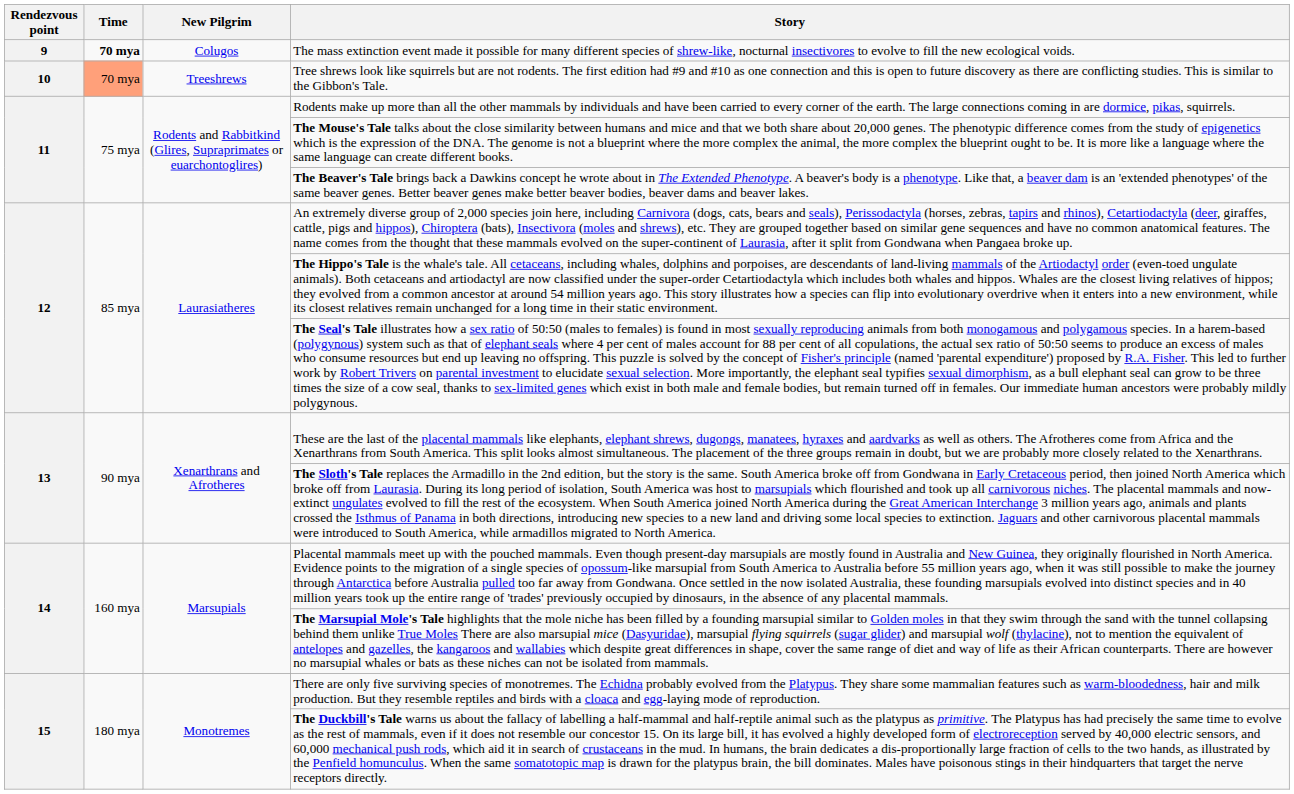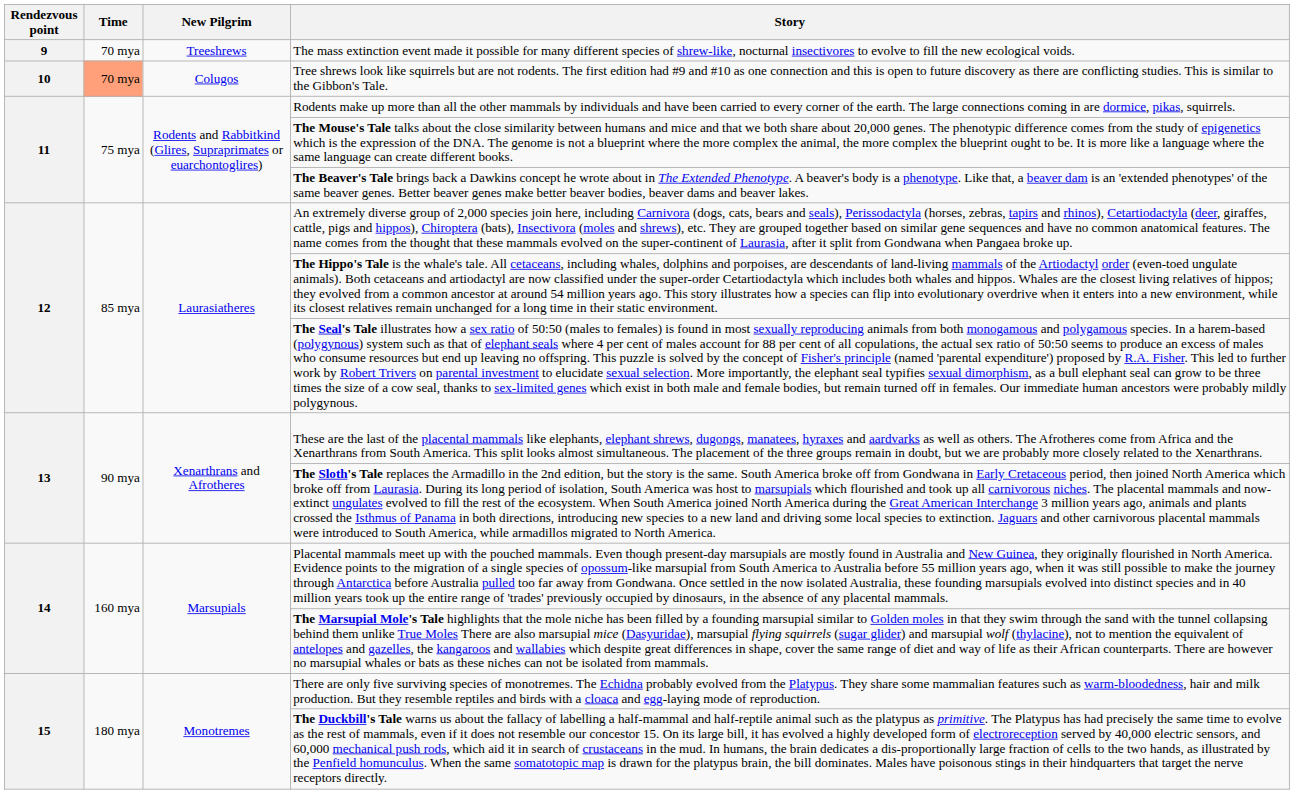 <table class="wikitable">
 <tr>
 <th>Rendezvous point</th>
 <th style="width:65px;">Time</th>
 <th>New Pilgrim</th>
 <th>Story</th>
 </tr>
 <tr>
 <th>9</th>
-<td style="text-align:right;"><strong>70 mya</strong></td>
-<td style="text-align:center;"><a href='#'>Colugos</a></td>
+<td style="text-align:right;">70 mya</td>
+<td style="text-align:center;"><a href='#'>Treeshrews</a></td>
 <td>The mass extinction event made it possible for many different species of <a href='#'>shrew-like</a>, nocturnal <a href='#'>insectivores</a> to evolve to fill the new ecological voids.</td>
 </tr>
 <tr>
 <th>10</th>
 <td style="background: lightsalmon; text-align:right;">70 mya</td>
-<td style="text-align:center;"><a href='#'>Treeshrews</a></td>
+<td style="text-align:center;"><a href='#'>Colugos</a></td>
 <td>Tree shrews look like squirrels but are not rodents. The first edition had #9 and #10 as one connection and this is open to future discovery as there are conflicting studies. This is similar to the Gibbon's Tale.</td>
 </tr>
 <tr>
 <th rowspan="3">11</th>
 <td rowspan="3" style="text-align:right;">75 mya</td>
 <td rowspan="3" style="text-align:center;"><a href='#'>Rodents</a> and <a href='#'>Rabbitkind</a> (<a href='#'>Glires</a>, <a href='#'>Supraprimates</a> or <a href='#'>euarchontoglires</a>)</td>
 <td>Rodents make up more than all the other mammals by individuals and have been carried to every corner of the earth. The large connections coming in are <a href='#'>dormice</a>, <a href='#'>pikas</a>, squirrels.</td>
 </tr>
 <tr>
 <td><strong>The Mouse's Tale</strong> talks about the close similarity between humans and mice and that we both share about 20,000 genes. The phenotypic difference comes from the study of <a href='#'>epigenetics</a> which is the expression of the DNA. The genome is not a blueprint where the more complex the animal, the more complex the blueprint ought to be. It is more like a language where the same language can create different books.</td>
 </tr>
 <tr>
 <td><strong>The Beaver's Tale</strong>  brings back a Dawkins concept he wrote about in <em><a href='#'>The Extended Phenotype</a></em>. A beaver's body is a <a href='#'>phenotype</a>. Like that, a <a href='#'>beaver dam</a> is an 'extended phenotypes' of the same beaver genes. Better beaver genes make better beaver bodies, beaver dams and beaver lakes.</td>
 </tr>
 <tr>
 <th rowspan="3">12</th>
 <td rowspan="3" style="text-align:right;">85 mya</td>
 <td rowspan="3" style="text-align:center;"><a href='#'>Laurasiatheres</a></td>
 <td>An extremely diverse group of 2,000 species join here, including <a href='#'>Carnivora</a> (dogs, cats, bears and <a href='#'>seals</a>), <a href='#'>Perissodactyla</a> (horses, zebras, <a href='#'>tapirs</a> and <a href='#'>rhinos</a>), <a href='#'>Cetartiodactyla</a> (<a href='#'>deer</a>, giraffes, cattle, pigs and <a href='#'>hippos</a>), <a href='#'>Chiroptera</a> (bats), <a href='#'>Insectivora</a> (<a href='#'>moles</a> and <a href='#'>shrews</a>), etc. They are grouped together based on similar gene sequences and have no common anatomical features. The name comes from the thought that these mammals evolved on the super-continent of <a href='#'>Laurasia</a>, after it split from Gondwana when Pangaea broke up.</td>
 </tr>
 <tr>
 <td><strong>The Hippo's Tale</strong> is the whale's tale. All <a href='#'>cetaceans</a>, including whales, dolphins and porpoises, are descendants of land-living <a href='#'>mammals</a> of the <a href='#'>Artiodactyl</a> <a href='#'>order</a> (even-toed ungulate animals). Both cetaceans and artiodactyl are now classified under the super-order Cetartiodactyla which includes both whales and hippos. Whales are the closest living relatives of hippos; they evolved from a common ancestor at around 54 million years ago. This story illustrates how a species can flip into evolutionary overdrive when it enters into a new environment, while its closest relatives remain unchanged for a long time in their static environment.</td>
 </tr>
 <tr>
 <td><strong>The <a href='#'>Seal</a>'s Tale</strong> illustrates how a <a href='#'>sex ratio</a> of 50:50 (males to females) is found in most <a href='#'>sexually reproducing</a> animals from both <a href='#'>monogamous</a> and <a href='#'>polygamous</a> species. In a harem-based (<a href='#'>polygynous</a>) system such as that of <a href='#'>elephant seals</a> where 4 per cent of males account for 88 per cent of all copulations, the actual sex ratio of 50:50 seems to produce an excess of males who consume resources but end up leaving no offspring. This puzzle is solved by the concept of <a href='#'>Fisher's principle</a> (named 'parental expenditure') proposed by <a href='#'>R.A. Fisher</a>. This led to further work by <a href='#'>Robert Trivers</a> on <a href='#'>parental investment</a> to elucidate <a href='#'>sexual selection</a>. More importantly, the elephant seal typifies <a href='#'>sexual dimorphism</a>, as a bull elephant seal can grow to be three times the size of a cow seal, thanks to <a href='#'>sex-limited genes</a> which exist in both male and female bodies, but remain turned off in females. Our immediate human ancestors were probably mildly polygynous.</td>
 </tr>
 <tr>
 <th rowspan="2">13</th>
 <td rowspan="2" style="text-align:right;">90 mya</td>
 <td rowspan="2" style="text-align:center;"><a href='#'>Xenarthrans</a> and <a href='#'>Afrotheres</a></td>
 <td><br>These are the last of the <a href='#'>placental mammals</a> like elephants, <a href='#'>elephant shrews</a>, <a href='#'>dugongs</a>, <a href='#'>manatees</a>, <a href='#'>hyraxes</a> and <a href='#'>aardvarks</a> as well as others. The Afrotheres come from Africa and the Xenarthrans from South America. This split looks almost simultaneous. The placement of the three groups remain in doubt, but we are probably more closely related to the Xenarthrans.</td>
 </tr>
 <tr>
 <td><strong>The <a href='#'>Sloth</a>'s Tale</strong> replaces the Armadillo in the 2nd edition, but the story is the same. South America broke off from Gondwana in <a href='#'>Early Cretaceous</a> period, then joined North America which broke off from <a href='#'>Laurasia</a>. During its long period of isolation, South America was host to <a href='#'>marsupials</a> which flourished and took up all <a href='#'>carnivorous</a> <a href='#'>niches</a>. The placental mammals and now-extinct <a href='#'>ungulates</a> evolved to fill the rest of the ecosystem. When South America joined North America during the <a href='#'>Great American Interchange</a> 3 million years ago, animals and plants crossed the <a href='#'>Isthmus of Panama</a> in both directions, introducing new species to a new land and driving some local species to extinction. <a href='#'>Jaguars</a> and other carnivorous placental mammals were introduced to South America, while armadillos migrated to North America.</td>
 </tr>
 <tr>
 <th rowspan="2">14</th>
 <td rowspan="2" style="text-align:right;">160 mya</td>
 <td rowspan="2" style="text-align:center;"><a href='#'>Marsupials</a></td>
 <td>Placental mammals meet up with the pouched mammals.  Even though present-day marsupials are mostly found in Australia and <a href='#'>New Guinea</a>, they originally flourished in North America. Evidence points to the migration of a single species of <a href='#'>opossum</a>-like marsupial from South America to Australia before 55 million years ago, when it was still possible to make the journey through <a href='#'>Antarctica</a> before Australia <a href='#'>pulled</a> too far away from Gondwana. Once settled in the now isolated Australia, these founding marsupials evolved into distinct species and in 40 million years took up the entire range of 'trades' previously occupied by dinosaurs, in the absence of any placental mammals.</td>
 </tr>
 <tr>
 <td><strong>The <a href='#'>Marsupial Mole</a>'s Tale</strong> highlights that the mole niche has been filled by a founding marsupial similar to <a href='#'>Golden moles</a> in that they swim through the sand with the tunnel collapsing behind them unlike <a href='#'>True Moles</a> There are also marsupial <em>mice</em> (<a href='#'>Dasyuridae</a>), marsupial <em>flying squirrels</em> (<a href='#'>sugar glider</a>) and marsupial <em>wolf</em> (<a href='#'>thylacine</a>), not to mention the equivalent of <a href='#'>antelopes</a> and <a href='#'>gazelles</a>, the <a href='#'>kangaroos</a> and <a href='#'>wallabies</a> which despite great differences in shape, cover the same range of diet and way of life as their African counterparts. There are however no marsupial whales or bats as these niches can not be isolated from mammals.</td>
 </tr>
 <tr>
 <th rowspan="2">15</th>
 <td rowspan="2" style="text-align:right;">180 mya</td>
 <td rowspan="2" style="text-align:center;"><a href='#'>Monotremes</a></td>
 <td>There are only five surviving species of monotremes. The <a href='#'>Echidna</a> probably evolved from the <a href='#'>Platypus</a>. They share some mammalian features such as <a href='#'>warm-bloodedness</a>, hair and milk production. But they resemble reptiles and birds with a <a href='#'>cloaca</a> and <a href='#'>egg</a>-laying mode of reproduction.</td>
 </tr>
 <tr>
 <td><strong>The <a href='#'>Duckbill</a>'s Tale</strong> warns us about the fallacy of labelling a half-mammal and half-reptile animal such as the platypus as <em><a href='#'>primitive</a></em>. The Platypus has had precisely the same time to evolve as the rest of mammals, even if it does not resemble our concestor 15. On its large bill, it has evolved a highly developed form of <a href='#'>electroreception</a> served by 40,000 electric sensors, and 60,000 <a href='#'>mechanical push rods</a>, which aid it in search of <a href='#'>crustaceans</a> in the mud. In humans, the brain dedicates a dis-proportionally large fraction of cells to the two hands, as illustrated by the <a href='#'>Penfield homunculus</a>. When the same <a href='#'>somatotopic map</a> is drawn for the platypus brain, the bill dominates. Males have poisonous stings in their hindquarters that target the nerve receptors directly.</td>
 </tr>
 </table>
